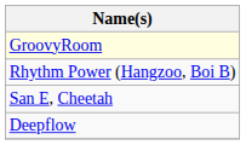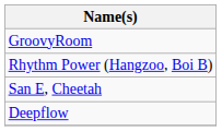 <table class="wikitable">
 <tr>
 <th>Name(s)</th>
 </tr>
 <tr>
-<td style="background: lightyellow;"><a href='#'>GroovyRoom</a></td>
+<td><a href='#'>GroovyRoom</a></td>
 </tr>
 <tr>
 <td><a href='#'>Rhythm Power</a> (<a href='#'>Hangzoo</a>, <a href='#'>Boi B</a>)</td>
 </tr>
 <tr>
 <td><a href='#'>San E</a>, <a href='#'>Cheetah</a></td>
 </tr>
 <tr>
 <td><a href='#'>Deepflow</a></td>
 </tr>
 <tr>
 </tr>
 </table>
